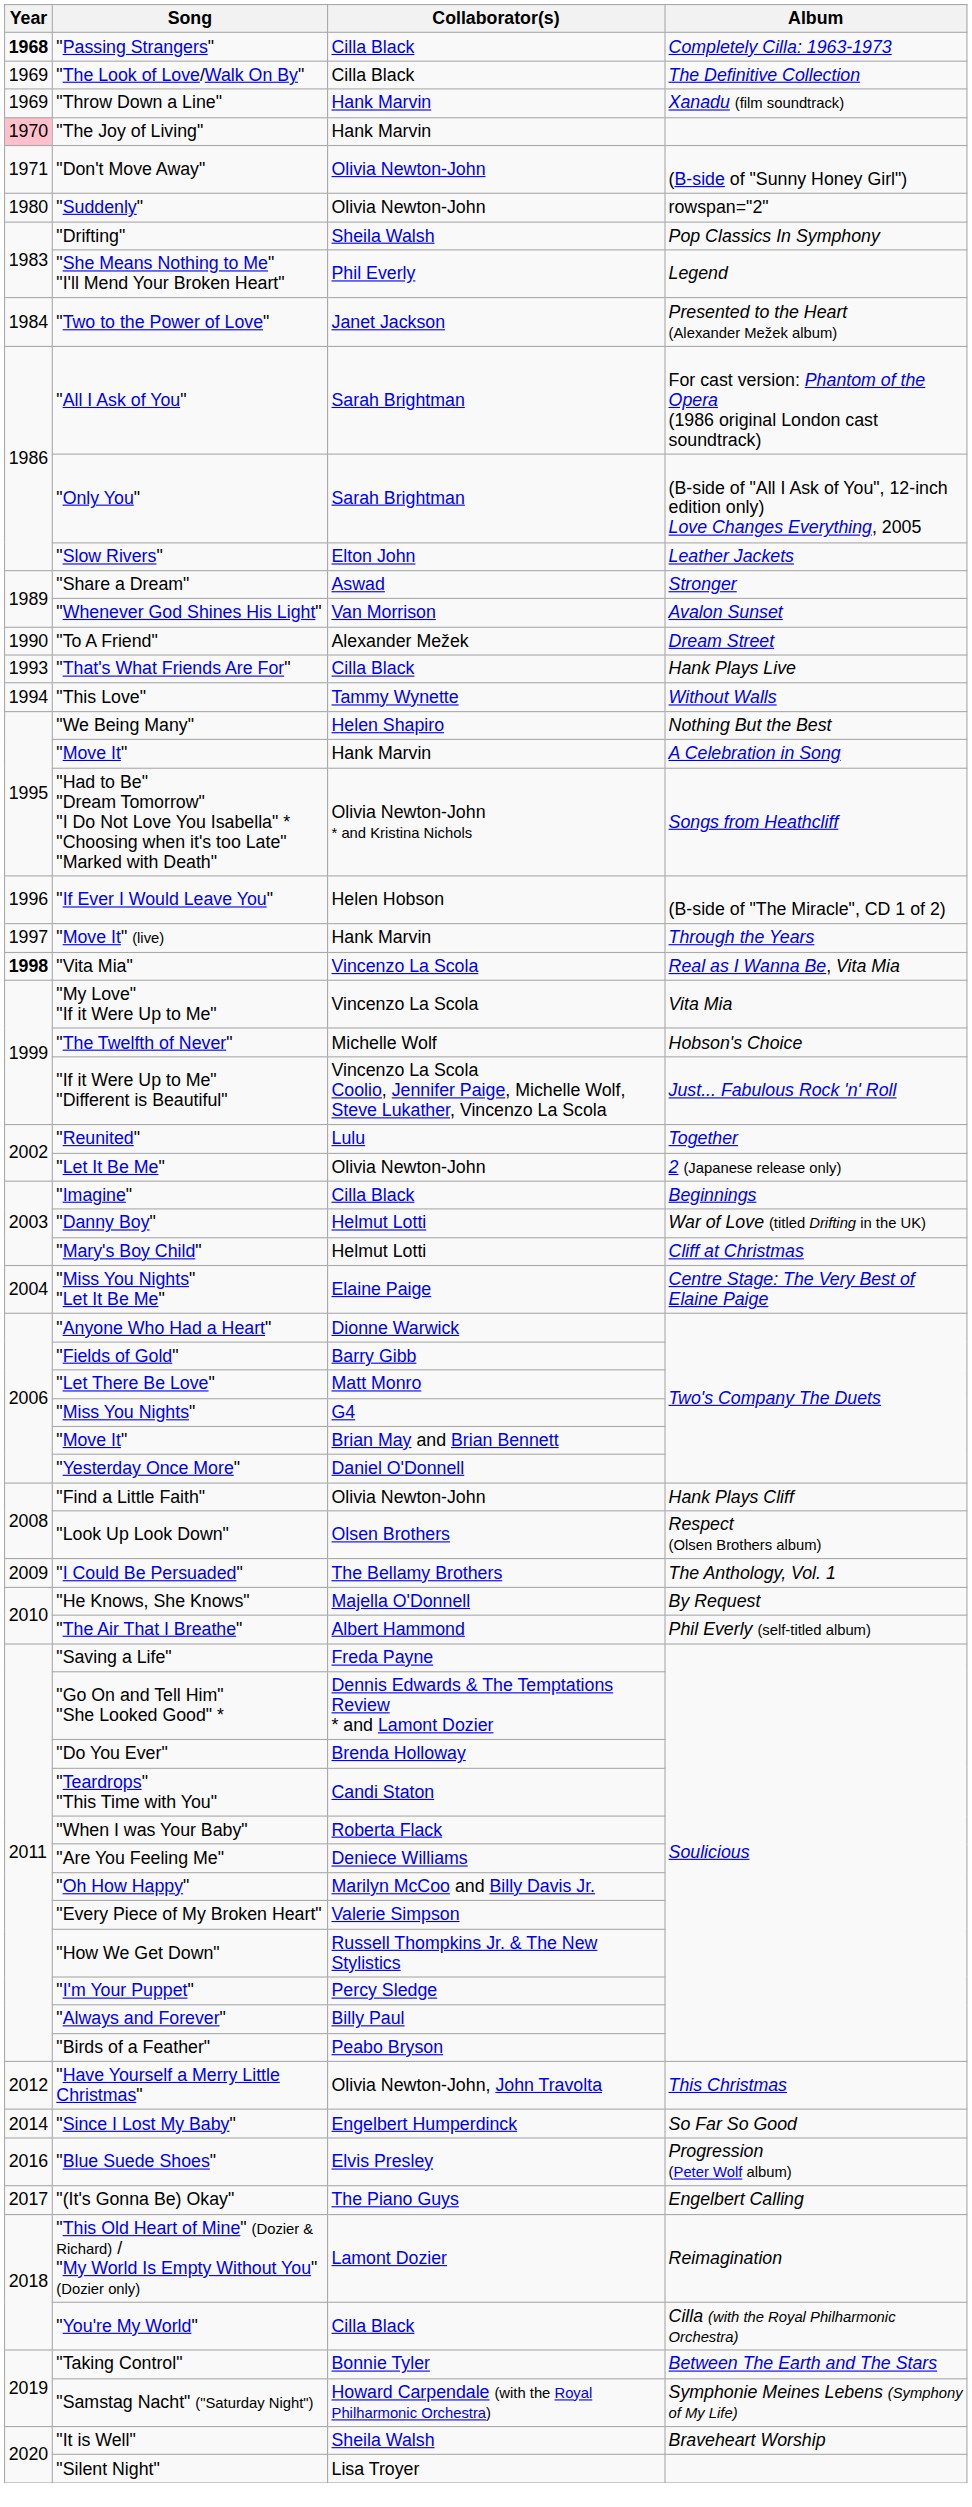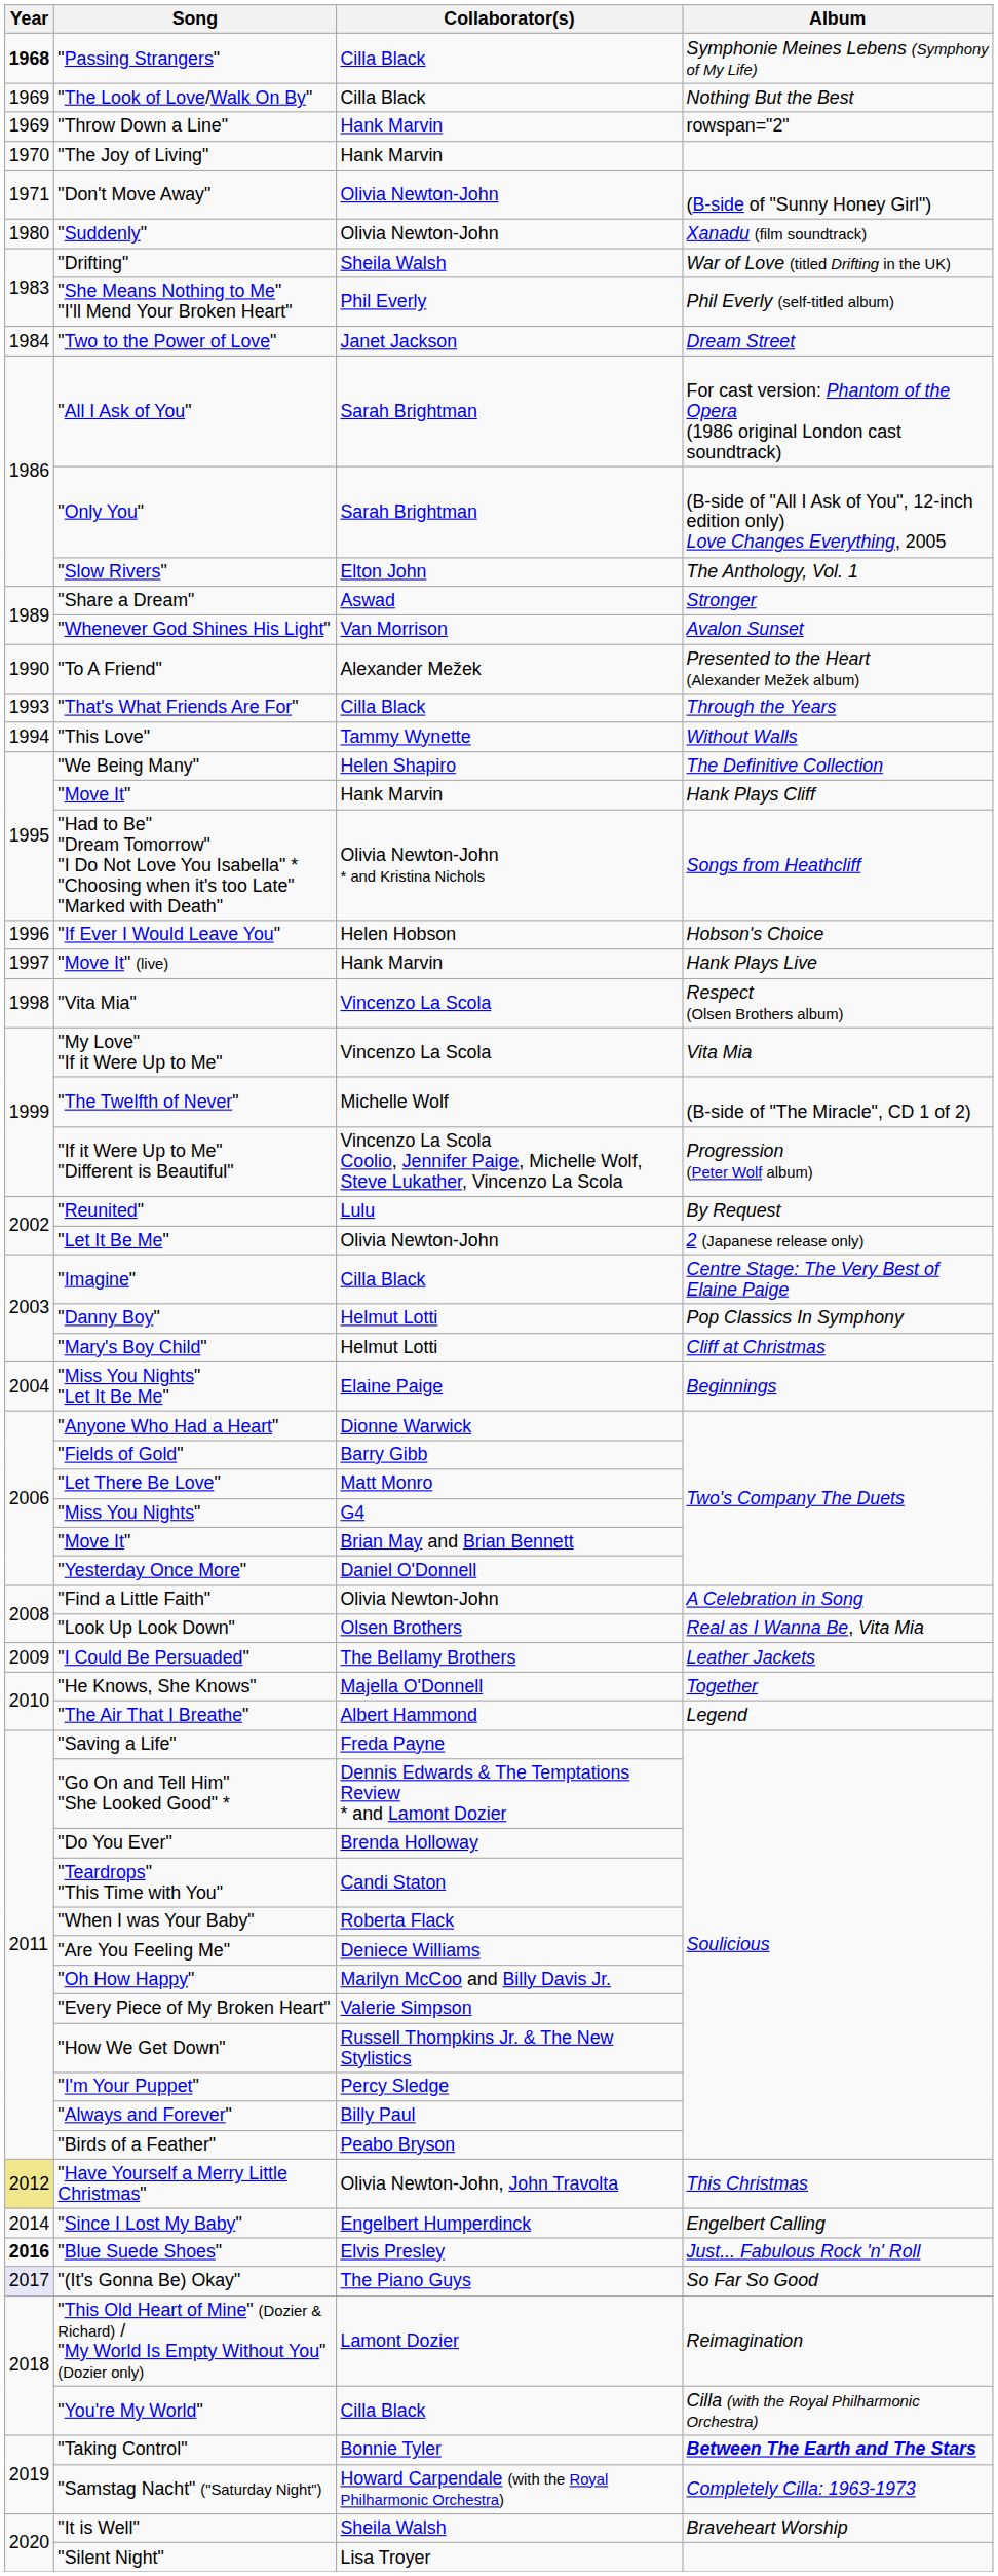 <table class="wikitable">
 <tr>
 <th>Year</th>
 <th>Song</th>
 <th>Collaborator(s)</th>
 <th>Album</th>
 </tr>
 <tr>
 <td><strong>1968</strong></td>
 <td>"<a href='#'>Passing Strangers</a>"</td>
 <td><a href='#'>Cilla Black</a></td>
-<td><em><a href='#'>Completely Cilla: 1963-1973</a></em></td>
+<td><em>Symphonie Meines Lebens <small>(Symphony of My Life)</small></em></td>
 </tr>
 <tr>
 <td>1969</td>
 <td>"<a href='#'>The Look of Love</a>/<a href='#'>Walk On By</a>"</td>
 <td>Cilla Black</td>
-<td><em><a href='#'>The Definitive Collection</a></em></td>
+<td><em>Nothing But the Best</em></td>
 </tr>
 <tr>
 <td>1969</td>
 <td>"Throw Down a Line"</td>
 <td><a href='#'>Hank Marvin</a></td>
-<td><em><a href='#'>Xanadu</a></em> <small>(film soundtrack)</small></td>
+<td>rowspan="2" </td>
 </tr>
 <tr>
-<td style="background: pink;">1970</td>
+<td>1970</td>
 <td>"The Joy of Living"</td>
 <td>Hank Marvin</td>
 </tr>
 <tr>
 <td>1971</td>
 <td>"Don't Move Away"</td>
 <td><a href='#'>Olivia Newton-John</a></td>
 <td><br>(<a href='#'>B-side</a> of "Sunny Honey Girl")</td>
 </tr>
 <tr>
 <td>1980</td>
 <td>"<a href='#'>Suddenly</a>"</td>
 <td>Olivia Newton-John</td>
-<td>rowspan="2" </td>
+<td><em><a href='#'>Xanadu</a></em> <small>(film soundtrack)</small></td>
 </tr>
 <tr>
 <td rowspan="2">1983</td>
 <td>"Drifting"</td>
 <td><a href='#'>Sheila Walsh</a></td>
-<td><em>Pop Classics In Symphony</em></td>
+<td><em>War of Love</em> <small>(titled <em>Drifting</em> in the UK)</small></td>
 </tr>
 <tr>
 <td>"<a href='#'>She Means Nothing to Me</a>"<br>"I'll Mend Your Broken Heart"</td>
 <td><a href='#'>Phil Everly</a></td>
-<td><em>Legend</em></td>
+<td><em>Phil Everly</em> <small>(self-titled album)</small></td>
 </tr>
 <tr>
 <td>1984</td>
 <td>"<a href='#'>Two to the Power of Love</a>"</td>
 <td><a href='#'>Janet Jackson</a></td>
-<td><em>Presented to the Heart</em><br><small>(Alexander Mežek album)</small></td>
+<td><em><a href='#'>Dream Street</a></em></td>
 </tr>
 <tr>
 <td rowspan="3">1986</td>
 <td>"<a href='#'>All I Ask of You</a>"</td>
 <td><a href='#'>Sarah Brightman</a></td>
 <td><br>For cast version: <em><a href='#'>Phantom of the Opera</a></em><br>(1986 original London cast soundtrack)</td>
 </tr>
 <tr>
 <td>"<a href='#'>Only You</a>"</td>
 <td><a href='#'>Sarah Brightman</a></td>
 <td><br>(B-side of "All I Ask of You", 12-inch edition only)<br><em><a href='#'>Love Changes Everything</a></em>, 2005</td>
 </tr>
 <tr>
 <td>"<a href='#'>Slow Rivers</a>"</td>
 <td><a href='#'>Elton John</a></td>
-<td><em><a href='#'>Leather Jackets</a></em></td>
+<td><em>The Anthology, Vol. 1</em></td>
 </tr>
 <tr>
 <td rowspan="2">1989</td>
 <td>"Share a Dream"</td>
 <td><a href='#'>Aswad</a></td>
 <td><em><a href='#'>Stronger</a></em></td>
 </tr>
 <tr>
 <td>"<a href='#'>Whenever God Shines His Light</a>"</td>
 <td><a href='#'>Van Morrison</a></td>
 <td><em><a href='#'>Avalon Sunset</a></em></td>
 </tr>
 <tr>
 <td>1990</td>
 <td>"To A Friend"</td>
 <td>Alexander Mežek</td>
-<td><em><a href='#'>Dream Street</a></em></td>
+<td><em>Presented to the Heart</em><br><small>(Alexander Mežek album)</small></td>
 </tr>
 <tr>
 <td>1993</td>
 <td>"<a href='#'>That's What Friends Are For</a>"</td>
 <td><a href='#'>Cilla Black</a></td>
-<td><em>Hank Plays Live</em></td>
+<td><em><a href='#'>Through the Years</a></em></td>
 </tr>
 <tr>
 <td>1994</td>
 <td>"This Love"</td>
 <td><a href='#'>Tammy Wynette</a></td>
 <td><em><a href='#'>Without Walls</a></em></td>
 </tr>
 <tr>
 <td rowspan="3">1995</td>
 <td>"We Being Many"</td>
 <td><a href='#'>Helen Shapiro</a></td>
-<td><em>Nothing But the Best</em></td>
+<td><em><a href='#'>The Definitive Collection</a></em></td>
 </tr>
 <tr>
 <td>"<a href='#'>Move It</a>"</td>
 <td>Hank Marvin</td>
-<td><em><a href='#'>A Celebration in Song</a></em></td>
+<td><em>Hank Plays Cliff</em></td>
 </tr>
 <tr>
 <td>"Had to Be"<br>"Dream Tomorrow"<br>"I Do Not Love You Isabella" *<br>"Choosing when it's too Late"<br>"Marked with Death"</td>
 <td>Olivia Newton-John<br><small>* and Kristina Nichols</small></td>
 <td><em><a href='#'>Songs from Heathcliff</a></em></td>
 </tr>
 <tr>
 <td>1996</td>
 <td>"<a href='#'>If Ever I Would Leave You</a>"</td>
 <td>Helen Hobson</td>
-<td><br>(B-side of "The Miracle", CD 1 of 2)</td>
+<td><em>Hobson's Choice</em></td>
 </tr>
 <tr>
 <td>1997</td>
 <td>"<a href='#'>Move It</a>" <small>(live)</small></td>
 <td>Hank Marvin</td>
-<td><em><a href='#'>Through the Years</a></em></td>
+<td><em>Hank Plays Live</em></td>
 </tr>
 <tr>
-<td><strong>1998</strong></td>
+<td>1998</td>
 <td>"Vita Mia"</td>
 <td><a href='#'>Vincenzo La Scola</a></td>
-<td><em><a href='#'>Real as I Wanna Be</a></em>, <em>Vita Mia</em></td>
+<td><em>Respect</em><br><small>(Olsen Brothers album)</small></td>
 </tr>
 <tr>
 <td rowspan="3">1999</td>
 <td>"My Love"<br>"If it Were Up to Me"</td>
 <td>Vincenzo La Scola</td>
 <td><em>Vita Mia</em></td>
 </tr>
 <tr>
 <td>"<a href='#'>The Twelfth of Never</a>"</td>
 <td>Michelle Wolf</td>
-<td><em>Hobson's Choice</em></td>
+<td><br>(B-side of "The Miracle", CD 1 of 2)</td>
 </tr>
 <tr>
 <td>"If it Were Up to Me"<br>"Different is Beautiful"</td>
 <td>Vincenzo La Scola<br><a href='#'>Coolio</a>, <a href='#'>Jennifer Paige</a>, Michelle Wolf, <br> <a href='#'>Steve Lukather</a>, Vincenzo La Scola</td>
-<td><em><a href='#'>Just... Fabulous Rock 'n' Roll</a></em></td>
+<td><em>Progression</em><br><small>(<a href='#'>Peter Wolf</a> album)</small></td>
 </tr>
 <tr>
 <td rowspan="2">2002</td>
 <td>"<a href='#'>Reunited</a>"</td>
 <td><a href='#'>Lulu</a></td>
-<td><em><a href='#'>Together</a></em></td>
+<td><em>By Request</em></td>
 </tr>
 <tr>
 <td>"<a href='#'>Let It Be Me</a>"</td>
 <td>Olivia Newton-John</td>
 <td><em><a href='#'>2</a></em> <small>(Japanese release only)</small></td>
 </tr>
 <tr>
 <td rowspan="3">2003</td>
 <td>"<a href='#'>Imagine</a>"</td>
 <td><a href='#'>Cilla Black</a></td>
-<td><em><a href='#'>Beginnings</a></em></td>
+<td><em><a href='#'>Centre Stage: The Very Best of Elaine Paige</a></em></td>
 </tr>
 <tr>
 <td>"<a href='#'>Danny Boy</a>"</td>
 <td><a href='#'>Helmut Lotti</a></td>
-<td><em>War of Love</em> <small>(titled <em>Drifting</em> in the UK)</small></td>
+<td><em>Pop Classics In Symphony</em></td>
 </tr>
 <tr>
 <td>"<a href='#'>Mary's Boy Child</a>"</td>
 <td>Helmut Lotti</td>
 <td><em><a href='#'>Cliff at Christmas</a></em></td>
 </tr>
 <tr>
 <td rowspan="1">2004</td>
 <td>"<a href='#'>Miss You Nights</a>"<br>"<a href='#'>Let It Be Me</a>"</td>
 <td><a href='#'>Elaine Paige</a></td>
-<td><em><a href='#'>Centre Stage: The Very Best of Elaine Paige</a></em></td>
+<td><em><a href='#'>Beginnings</a></em></td>
 </tr>
 <tr>
 <td rowspan="6">2006</td>
 <td>"<a href='#'>Anyone Who Had a Heart</a>"</td>
 <td><a href='#'>Dionne Warwick</a></td>
 <td rowspan="6"><em><a href='#'>Two's Company The Duets</a></em></td>
 </tr>
 <tr>
 <td>"<a href='#'>Fields of Gold</a>"</td>
 <td><a href='#'>Barry Gibb</a></td>
 </tr>
 <tr>
 <td>"<a href='#'>Let There Be Love</a>"</td>
 <td><a href='#'>Matt Monro</a></td>
 </tr>
 <tr>
 <td>"<a href='#'>Miss You Nights</a>"</td>
 <td><a href='#'>G4</a></td>
 </tr>
 <tr>
 <td>"<a href='#'>Move It</a>"</td>
 <td><a href='#'>Brian May</a> and <a href='#'>Brian Bennett</a></td>
 </tr>
 <tr>
 <td>"<a href='#'>Yesterday Once More</a>"</td>
 <td><a href='#'>Daniel O'Donnell</a></td>
 </tr>
 <tr>
 <td rowspan="2">2008</td>
 <td>"Find a Little Faith"</td>
 <td>Olivia Newton-John</td>
-<td><em>Hank Plays Cliff</em></td>
+<td><em><a href='#'>A Celebration in Song</a></em></td>
 </tr>
 <tr>
 <td>"Look Up Look Down"</td>
 <td><a href='#'>Olsen Brothers</a></td>
-<td><em>Respect</em><br><small>(Olsen Brothers album)</small></td>
+<td><em><a href='#'>Real as I Wanna Be</a></em>, <em>Vita Mia</em></td>
 </tr>
 <tr>
 <td>2009</td>
 <td>"<a href='#'>I Could Be Persuaded</a>"</td>
 <td><a href='#'>The Bellamy Brothers</a></td>
-<td><em>The Anthology, Vol. 1</em></td>
+<td><em><a href='#'>Leather Jackets</a></em></td>
 </tr>
 <tr>
 <td rowspan="2">2010</td>
 <td>"He Knows, She Knows"</td>
 <td><a href='#'>Majella O'Donnell</a></td>
-<td><em>By Request</em></td>
+<td><em><a href='#'>Together</a></em></td>
 </tr>
 <tr>
 <td>"<a href='#'>The Air That I Breathe</a>"</td>
 <td><a href='#'>Albert Hammond</a></td>
-<td><em>Phil Everly</em> <small>(self-titled album)</small></td>
+<td><em>Legend</em></td>
 </tr>
 <tr>
 <td rowspan="12">2011</td>
 <td>"Saving a Life"</td>
 <td><a href='#'>Freda Payne</a></td>
 <td rowspan="12"><em><a href='#'>Soulicious</a></em></td>
 </tr>
 <tr>
 <td>"Go On and Tell Him"<br>"She Looked Good" *</td>
 <td><a href='#'>Dennis Edwards & The Temptations Review</a><br>* and <a href='#'>Lamont Dozier</a></td>
 </tr>
 <tr>
 <td>"Do You Ever"</td>
 <td><a href='#'>Brenda Holloway</a></td>
 </tr>
 <tr>
 <td>"<a href='#'>Teardrops</a>"<br>"This Time with You"</td>
 <td><a href='#'>Candi Staton</a></td>
 </tr>
 <tr>
 <td>"When I was Your Baby"</td>
 <td><a href='#'>Roberta Flack</a></td>
 </tr>
 <tr>
 <td>"Are You Feeling Me"</td>
 <td><a href='#'>Deniece Williams</a></td>
 </tr>
 <tr>
 <td>"<a href='#'>Oh How Happy</a>"</td>
 <td><a href='#'>Marilyn McCoo</a> and <a href='#'>Billy Davis Jr.</a></td>
 </tr>
 <tr>
 <td>"Every Piece of My Broken Heart"</td>
 <td><a href='#'>Valerie Simpson</a></td>
 </tr>
 <tr>
 <td>"How We Get Down"</td>
 <td><a href='#'>Russell Thompkins Jr. & The New Stylistics</a></td>
 </tr>
 <tr>
 <td>"<a href='#'>I'm Your Puppet</a>"</td>
 <td><a href='#'>Percy Sledge</a></td>
 </tr>
 <tr>
 <td>"<a href='#'>Always and Forever</a>"</td>
 <td><a href='#'>Billy Paul</a></td>
 </tr>
 <tr>
 <td>"Birds of a Feather"</td>
 <td><a href='#'>Peabo Bryson</a></td>
 </tr>
 <tr>
-<td>2012</td>
+<td style="background: khaki;">2012</td>
 <td>"<a href='#'>Have Yourself a Merry Little Christmas</a>"</td>
 <td>Olivia Newton-John, <a href='#'>John Travolta</a></td>
 <td><em><a href='#'>This Christmas</a></em></td>
 </tr>
 <tr>
 <td>2014</td>
 <td>"<a href='#'>Since I Lost My Baby</a>"</td>
 <td><a href='#'>Engelbert Humperdinck</a></td>
-<td><em>So Far So Good</em></td>
+<td><em>Engelbert Calling</em></td>
 </tr>
 <tr>
-<td>2016</td>
+<td><strong>2016</strong></td>
 <td>"<a href='#'>Blue Suede Shoes</a>"</td>
 <td><a href='#'>Elvis Presley</a></td>
-<td><em>Progression</em><br><small>(<a href='#'>Peter Wolf</a> album)</small></td>
+<td><em><a href='#'>Just... Fabulous Rock 'n' Roll</a></em></td>
 </tr>
 <tr>
-<td>2017</td>
+<td style="background: lavender;">2017</td>
 <td>"(It's Gonna Be) Okay"</td>
 <td><a href='#'>The Piano Guys</a></td>
-<td><em>Engelbert Calling</em></td>
+<td><em>So Far So Good</em></td>
 </tr>
 <tr>
 <td rowspan="2">2018</td>
 <td>"<a href='#'>This Old Heart of Mine</a>" <small>(Dozier & Richard)</small> / <br>"<a href='#'>My World Is Empty Without You</a>" <small>(Dozier only)</small></td>
 <td><a href='#'>Lamont Dozier</a></td>
 <td><em>Reimagination</em></td>
 </tr>
 <tr>
 <td>"<a href='#'>You're My World</a>"</td>
 <td><a href='#'>Cilla Black</a></td>
 <td><em>Cilla <small>(with the Royal Philharmonic Orchestra)</small></em></td>
 </tr>
 <tr>
 <td rowspan="2">2019</td>
 <td>"Taking Control"</td>
 <td><a href='#'>Bonnie Tyler</a></td>
-<td><em><a href='#'>Between The Earth and The Stars</a></em></td>
+<td><strong><em><a href='#'>Between The Earth and The Stars</a></em></strong></td>
 </tr>
 <tr>
 <td>"Samstag Nacht" <small>("Saturday Night")</small></td>
 <td><a href='#'>Howard Carpendale</a> <small>(with the <a href='#'>Royal Philharmonic Orchestra</a>)</small></td>
-<td><em>Symphonie Meines Lebens <small>(Symphony of My Life)</small></em></td>
+<td><em><a href='#'>Completely Cilla: 1963-1973</a></em></td>
 </tr>
 <tr>
 <td rowspan="2">2020</td>
 <td>"It is Well"</td>
 <td><a href='#'>Sheila Walsh</a></td>
 <td><em>Braveheart Worship</em></td>
 </tr>
 <tr>
 <td>"Silent Night"</td>
 <td>Lisa Troyer</td>
 <td></td>
 </tr>
 <tr>
 </tr>
 </table>
